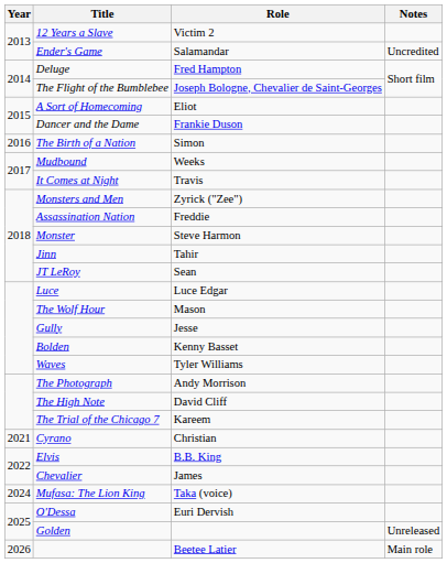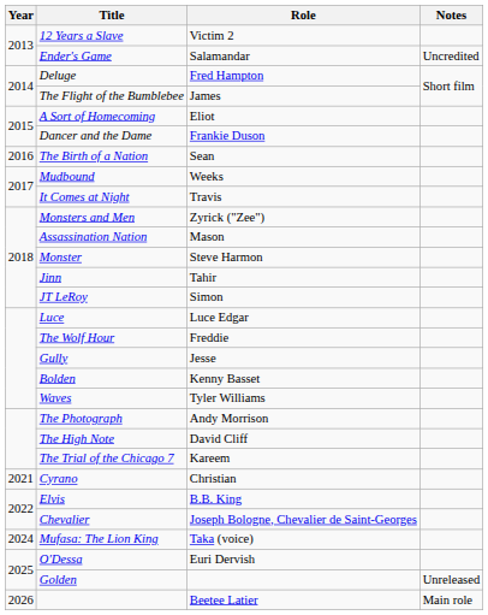 <table class="wikitable sortable">
 <tr>
 <th>Year</th>
 <th>Title</th>
 <th>Role</th>
 <th>Notes</th>
 </tr>
 <tr>
 <td rowspan=2>2013</td>
 <td><em><a href='#'>12 Years a Slave</a></em></td>
 <td>Victim 2</td>
 <td></td>
 </tr>
 <tr>
 <td><em><a href='#'>Ender's Game</a></em></td>
 <td>Salamandar</td>
 <td>Uncredited</td>
 </tr>
 <tr>
 <td rowspan=2>2014</td>
 <td><em>Deluge</em></td>
 <td><a href='#'>Fred Hampton</a></td>
 <td rowspan=2>Short film</td>
 </tr>
 <tr>
 <td><em>The Flight of the Bumblebee</em></td>
-<td><a href='#'>Joseph Bologne, Chevalier de Saint-Georges</a></td>
+<td>James</td>
 </tr>
 <tr>
 <td rowspan=2>2015</td>
 <td><em><a href='#'>A Sort of Homecoming</a></em></td>
 <td>Eliot</td>
 <td></td>
 </tr>
 <tr>
 <td><em>Dancer and the Dame</em></td>
 <td><a href='#'>Frankie Duson</a></td>
 <td></td>
 </tr>
 <tr>
 <td>2016</td>
 <td><em><a href='#'>The Birth of a Nation</a></em></td>
-<td>Simon</td>
+<td>Sean</td>
 <td></td>
 </tr>
 <tr>
 <td rowspan=2>2017</td>
 <td><em><a href='#'>Mudbound</a></em></td>
 <td>Weeks</td>
 <td></td>
 </tr>
 <tr>
 <td><em><a href='#'>It Comes at Night</a></em></td>
 <td>Travis</td>
 <td></td>
 </tr>
 <tr>
 <td rowspan=5>2018</td>
 <td><em><a href='#'>Monsters and Men</a></em></td>
 <td>Zyrick ("Zee")</td>
 <td></td>
 </tr>
 <tr>
 <td><em><a href='#'>Assassination Nation</a></em></td>
-<td>Freddie</td>
+<td>Mason</td>
 <td></td>
 </tr>
 <tr>
 <td><em><a href='#'>Monster</a></em></td>
 <td>Steve Harmon</td>
 <td></td>
 </tr>
 <tr>
 <td><em><a href='#'>Jinn</a></em></td>
 <td>Tahir</td>
 <td></td>
 </tr>
 <tr>
 <td><em><a href='#'>JT LeRoy</a></em></td>
-<td>Sean</td>
+<td>Simon</td>
 <td></td>
 </tr>
 <tr>
 <td rowspan="5"></td>
 <td><em><a href='#'>Luce</a></em></td>
 <td>Luce Edgar</td>
 <td></td>
 </tr>
 <tr>
 <td><em><a href='#'>The Wolf Hour</a></em></td>
-<td>Mason</td>
+<td>Freddie</td>
 <td></td>
 </tr>
 <tr>
 <td><em><a href='#'>Gully</a></em></td>
 <td>Jesse</td>
 <td></td>
 </tr>
 <tr>
 <td><em><a href='#'>Bolden</a></em></td>
 <td>Kenny Basset</td>
 <td></td>
 </tr>
 <tr>
 <td><em><a href='#'>Waves</a></em></td>
 <td>Tyler Williams</td>
 <td></td>
 </tr>
 <tr>
 <td rowspan="3”"></td>
 <td><em><a href='#'>The Photograph</a></em></td>
 <td>Andy Morrison</td>
 <td></td>
 </tr>
 <tr>
 <td><em><a href='#'>The High Note</a></em></td>
 <td>David Cliff</td>
 <td></td>
 </tr>
 <tr>
 <td><em><a href='#'>The Trial of the Chicago 7</a></em></td>
 <td>Kareem</td>
 <td></td>
 </tr>
 <tr>
 <td>2021</td>
 <td><em><a href='#'>Cyrano</a></em></td>
 <td>Christian</td>
 <td></td>
 </tr>
 <tr>
 <td rowspan=2>2022</td>
 <td><em><a href='#'>Elvis</a></em></td>
 <td><a href='#'>B.B. King</a></td>
 <td></td>
 </tr>
 <tr>
 <td><em><a href='#'>Chevalier</a></em></td>
-<td>James</td>
+<td><a href='#'>Joseph Bologne, Chevalier de Saint-Georges</a></td>
 <td></td>
 </tr>
 <tr>
 <td>2024</td>
 <td><em><a href='#'>Mufasa: The Lion King</a></em></td>
 <td><a href='#'>Taka</a> (voice)</td>
 <td></td>
 </tr>
 <tr>
 <td rowspan=2>2025</td>
 <td><em><a href='#'>O'Dessa</a></em></td>
 <td>Euri Dervish</td>
 <td></td>
 </tr>
 <tr>
 <td><em><a href='#'>Golden</a></em></td>
 <td></td>
 <td>Unreleased</td>
 </tr>
 <tr>
 <td>2026</td>
 <td></td>
 <td><a href='#'>Beetee Latier</a></td>
 <td>Main role</td>
 </tr>
 </table>
